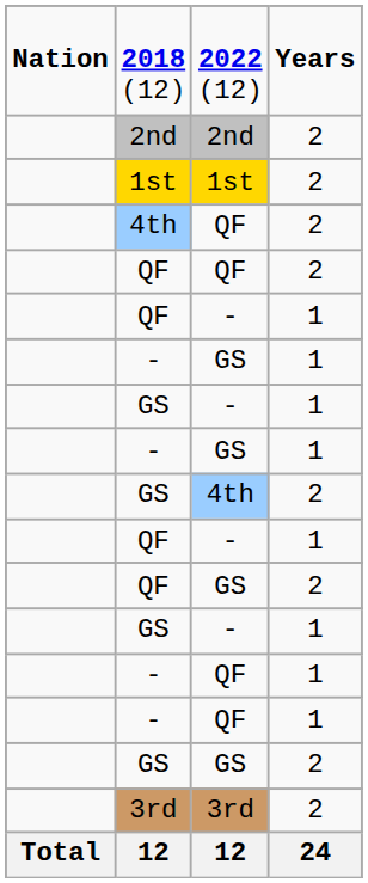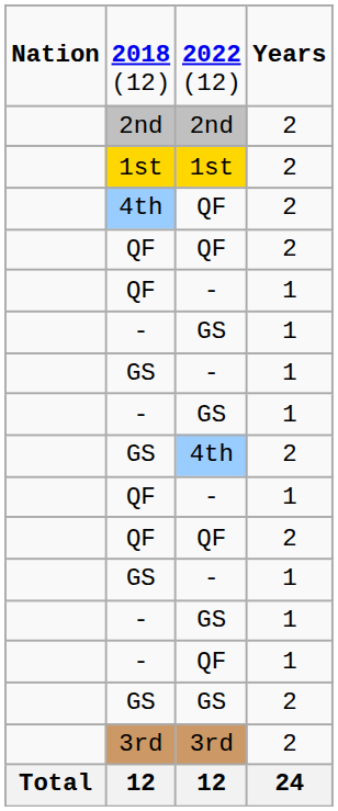 <table class="wikitable shortable" style="text-align:center; font-size:90%">
 <tr bgcolor=>
 <td><strong>Nation</strong></td>
 <td><strong><br><a href='#'>2018</a><br></strong>(12)</td>
 <td><strong><br><a href='#'>2022</a><br></strong>(12)</td>
 <td><strong>Years</strong></td>
 </tr>
 <tr>
 <td align="left"></td>
 <td bgcolor=silver>2nd</td>
 <td bgcolor=silver>2nd</td>
 <td>2</td>
 </tr>
 <tr>
 <td align="left"></td>
 <td bgcolor=gold>1st</td>
 <td bgcolor=gold>1st</td>
 <td>2</td>
 </tr>
 <tr>
 <td align="left"></td>
 <td bgcolor=#9acdff>4th</td>
 <td>QF</td>
 <td>2</td>
 </tr>
 <tr>
 <td align="left"></td>
 <td>QF</td>
 <td>QF</td>
 <td>2</td>
 </tr>
 <tr>
 <td align="left"></td>
 <td>QF</td>
 <td>-</td>
 <td>1</td>
 </tr>
 <tr>
 <td align="left"></td>
 <td>-</td>
 <td>GS</td>
 <td>1</td>
 </tr>
 <tr>
 <td align="left"></td>
 <td>GS</td>
 <td>-</td>
 <td>1</td>
 </tr>
 <tr>
 <td align="left"></td>
 <td>-</td>
 <td>GS</td>
 <td>1</td>
 </tr>
 <tr>
 <td align="left"></td>
 <td>GS</td>
 <td bgcolor=#9acdff>4th</td>
 <td>2</td>
 </tr>
 <tr>
 <td align="left"></td>
 <td>QF</td>
 <td>-</td>
 <td>1</td>
 </tr>
 <tr>
 <td align="left"></td>
 <td>QF</td>
-<td>GS</td>
+<td>QF</td>
 <td>2</td>
 </tr>
 <tr>
 <td align="left"></td>
 <td>GS</td>
 <td>-</td>
 <td>1</td>
 </tr>
 <tr>
 <td align="left"></td>
 <td>-</td>
-<td>QF</td>
+<td>GS</td>
 <td>1</td>
 </tr>
 <tr>
 <td align="left"></td>
 <td>-</td>
 <td>QF</td>
 <td>1</td>
 </tr>
 <tr>
 <td align="left"></td>
 <td>GS</td>
 <td>GS</td>
 <td>2</td>
 </tr>
 <tr>
 <td align="left"></td>
 <td bgcolor=#CC9966>3rd</td>
 <td bgcolor=#CC9966>3rd</td>
 <td>2</td>
 </tr>
 <tr>
 <th>Total</th>
 <th>12</th>
 <th>12</th>
 <th>24</th>
 </tr>
 </table>
